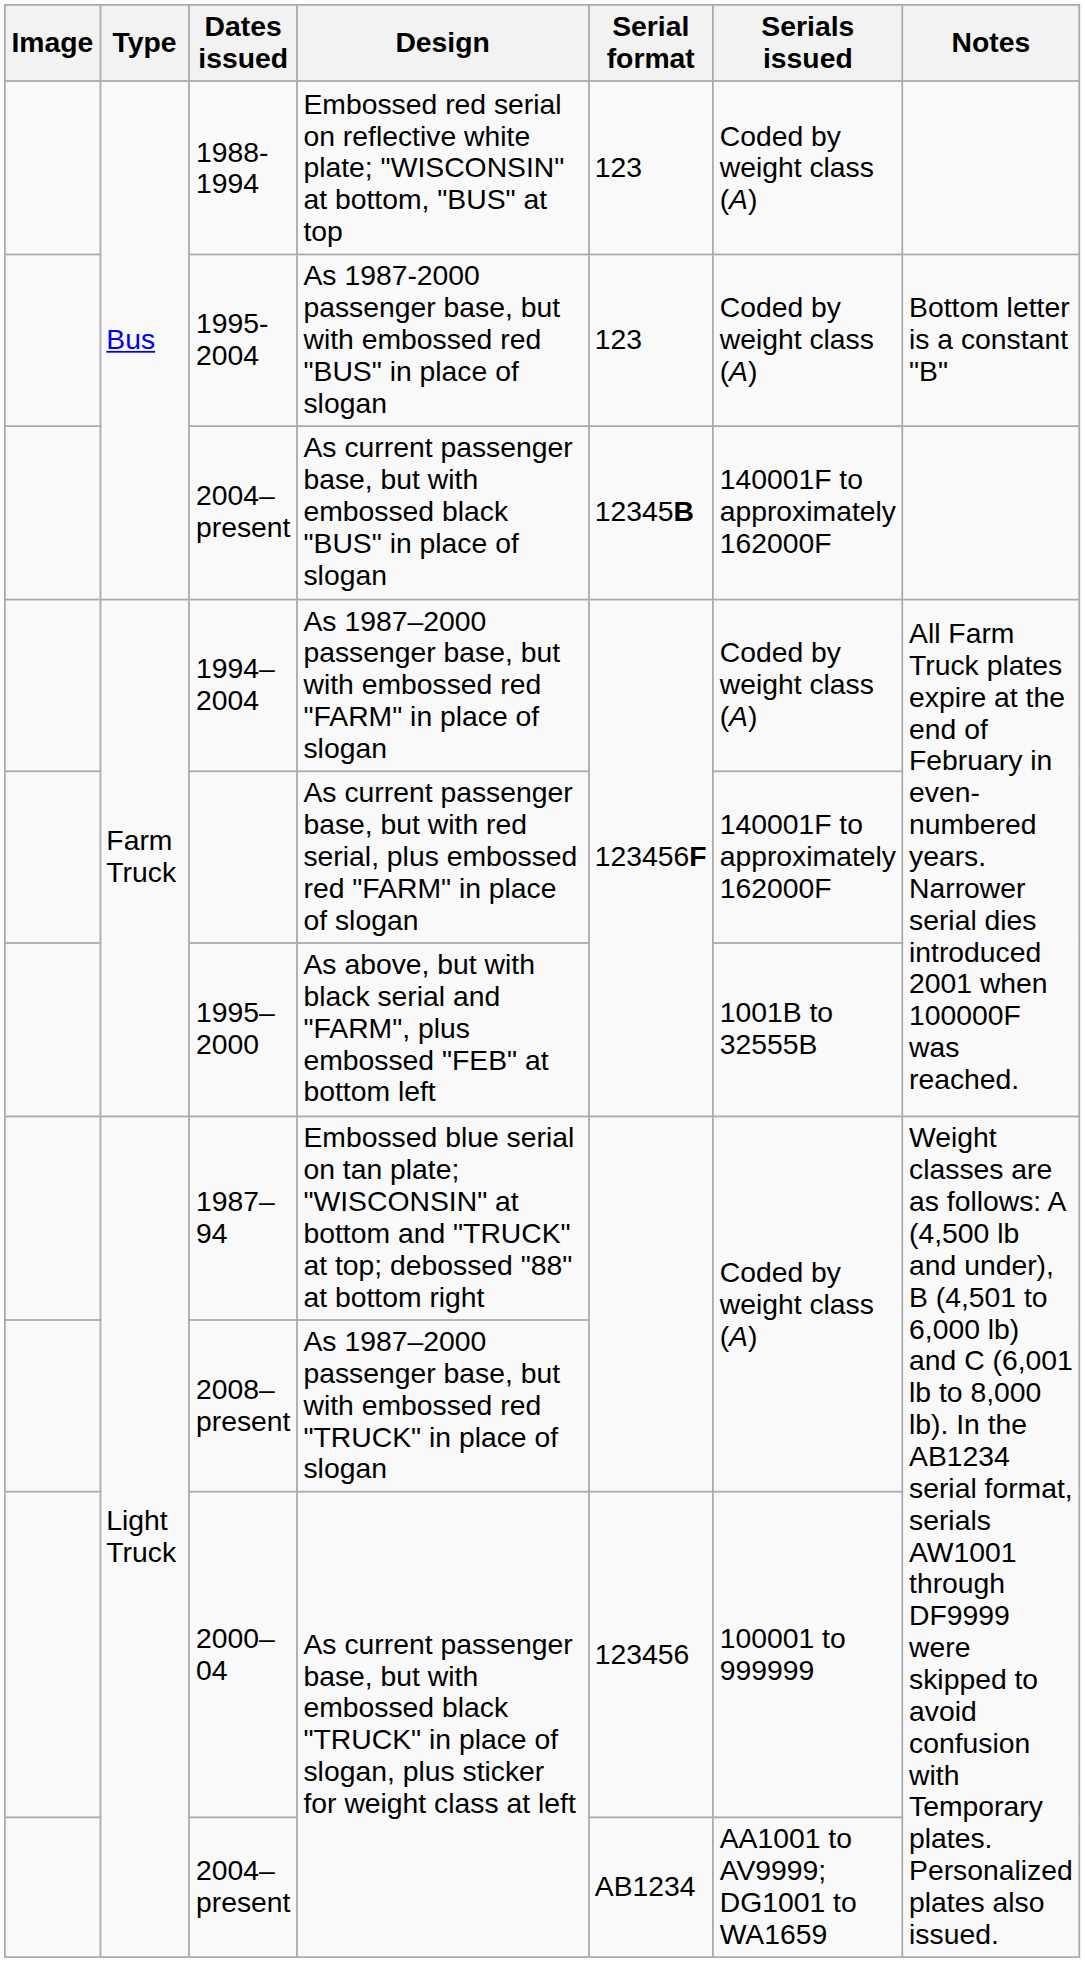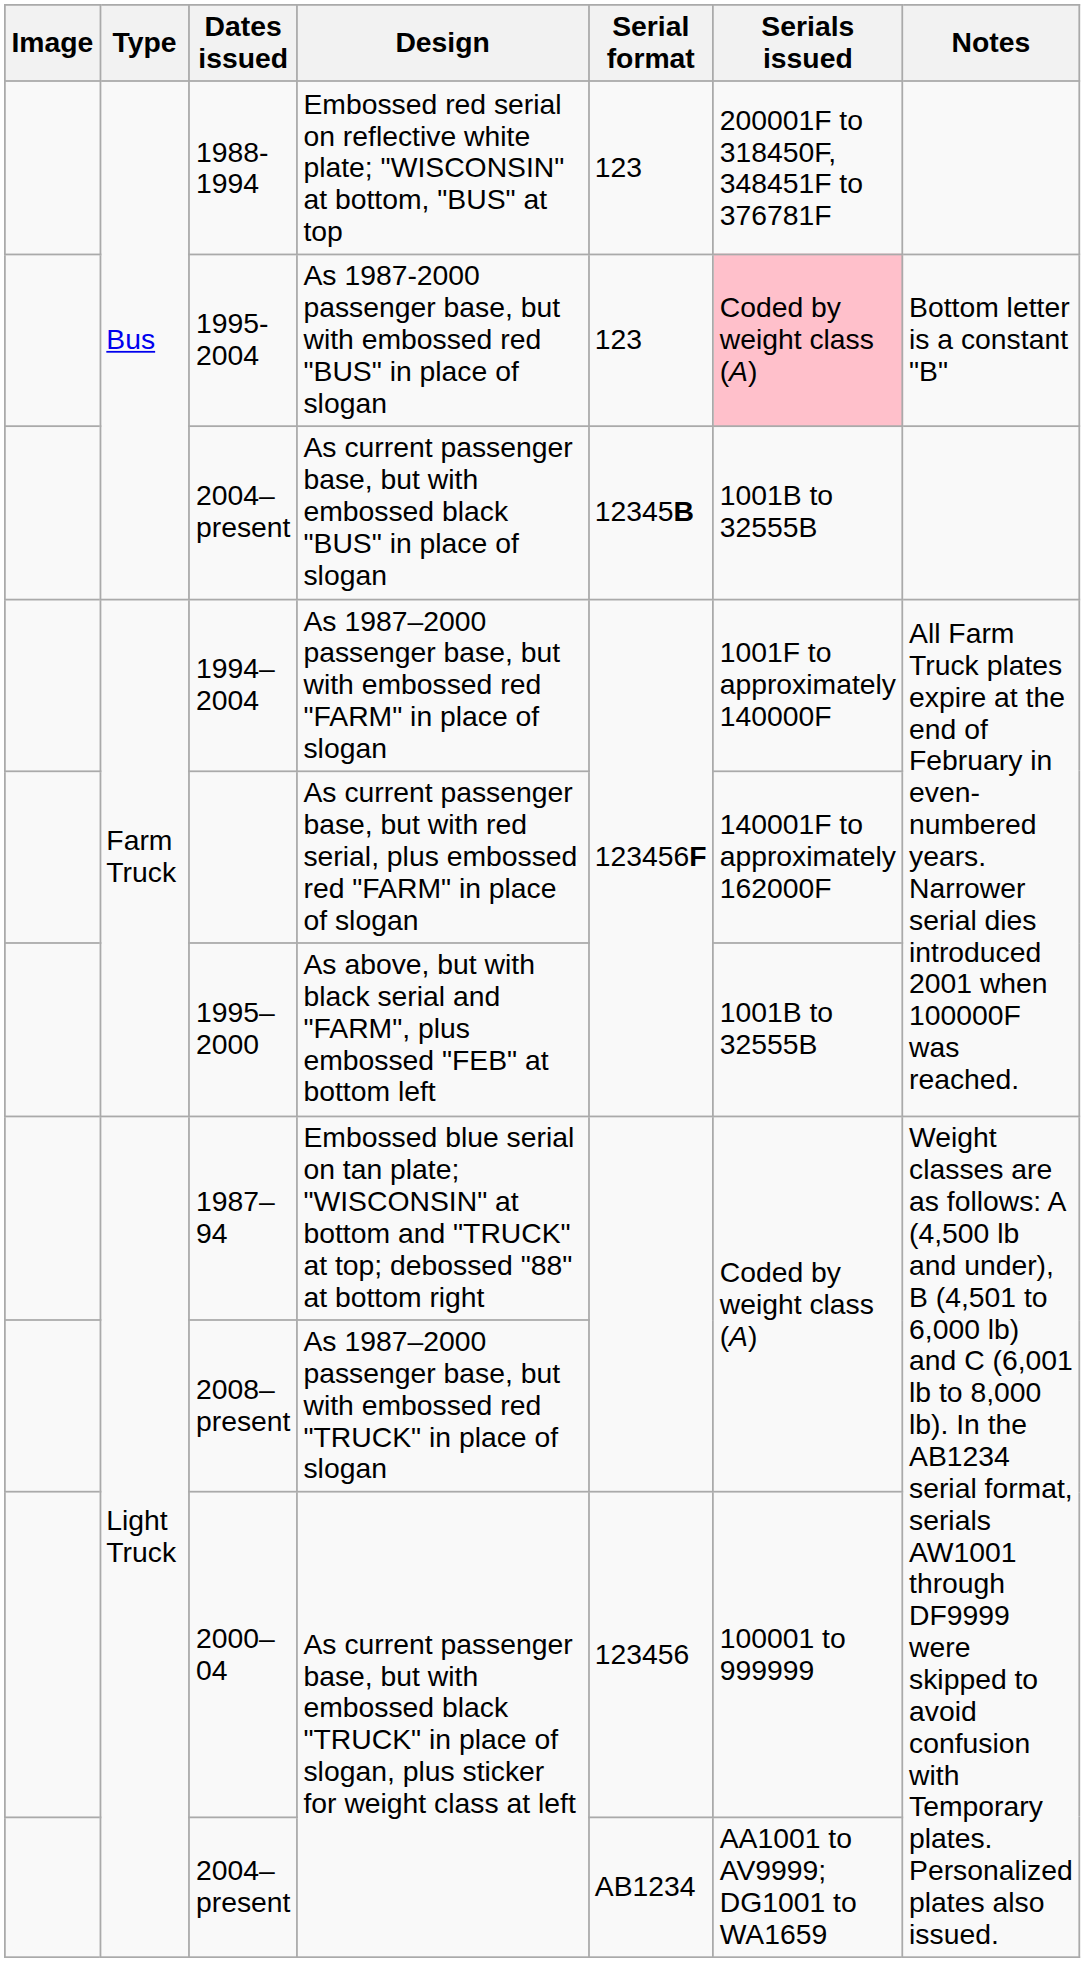 <table class="wikitable">
 <tr>
 <th>Image</th>
 <th style="width:50px;">Type</th>
 <th>Dates issued</th>
 <th style="width:250px;">Design</th>
 <th>Serial format</th>
 <th>Serials issued</th>
 <th>Notes</th>
 </tr>
 <tr>
 <td></td>
 <td rowspan="3"><a href='#'>Bus</a></td>
 <td>1988-1994</td>
 <td>Embossed red serial on reflective white plate; "WISCONSIN" at bottom, "BUS" at top</td>
 <td> 123</td>
-<td>Coded by weight class (<em>A</em>)</td>
+<td>200001F to 318450F, 348451F to 376781F </td>
 <td></td>
 </tr>
 <tr>
 <td></td>
 <td>1995-2004</td>
 <td>As 1987-2000 passenger base, but with embossed red "BUS" in place of slogan</td>
 <td> 123</td>
-<td>Coded by weight class (<em>A</em>)</td>
+<td style="background: pink;">Coded by weight class (<em>A</em>)</td>
 <td>Bottom letter is a constant "B"</td>
 </tr>
 <tr>
 <td></td>
 <td>2004–present</td>
 <td>As current passenger base, but with embossed black "BUS" in place of slogan</td>
 <td>12345<strong>B</strong></td>
-<td>140001F to approximately 162000F</td>
+<td>1001B to 32555B </td>
 <td></td>
 </tr>
 <tr>
 <td></td>
 <td rowspan="3">Farm Truck</td>
 <td>1994–2004</td>
 <td>As 1987–2000 passenger base, but with embossed red "FARM" in place of slogan</td>
 <td rowspan="3">123456<strong>F</strong></td>
-<td>Coded by weight class (<em>A</em>)</td>
+<td>1001F to approximately 140000F</td>
 <td rowspan="3">All Farm Truck plates expire at the end of February in even-numbered years. Narrower serial dies introduced 2001 when 100000F was reached.</td>
 </tr>
 <tr>
 <td></td>
 <td></td>
 <td>As current passenger base, but with red serial, plus embossed red "FARM" in place of slogan</td>
 <td>140001F to approximately 162000F</td>
 </tr>
 <tr>
 <td></td>
 <td>1995–2000</td>
 <td>As above, but with black serial and "FARM", plus embossed "FEB" at bottom left</td>
 <td>1001B to 32555B </td>
 </tr>
 <tr>
 <td></td>
 <td rowspan="4">Light Truck</td>
 <td>1987–94</td>
 <td>Embossed blue serial on tan plate; "WISCONSIN" at bottom and "TRUCK" at top; debossed "88" at bottom right</td>
 <td rowspan="2"></td>
 <td rowspan="2">Coded by weight class (<em>A</em>)</td>
 <td rowspan="4">Weight classes are as follows: A (4,500 lb and under), B (4,501 to 6,000 lb) and C (6,001 lb to 8,000 lb). In the AB1234 serial format, serials AW1001 through DF9999 were skipped to avoid confusion with Temporary plates. Personalized plates also issued.</td>
 </tr>
 <tr>
 <td></td>
 <td>2008–present</td>
 <td>As 1987–2000 passenger base, but with embossed red "TRUCK" in place of slogan</td>
 </tr>
 <tr>
 <td></td>
 <td>2000–04</td>
 <td rowspan="2">As current passenger base, but with embossed black "TRUCK" in place of slogan, plus sticker for weight class at left</td>
 <td>123456</td>
 <td>100001 to 999999</td>
 </tr>
 <tr>
 <td></td>
 <td>2004–present</td>
 <td>AB1234</td>
 <td>AA1001 to AV9999;<br>DG1001 to WA1659 </td>
 </tr>
 </table>
